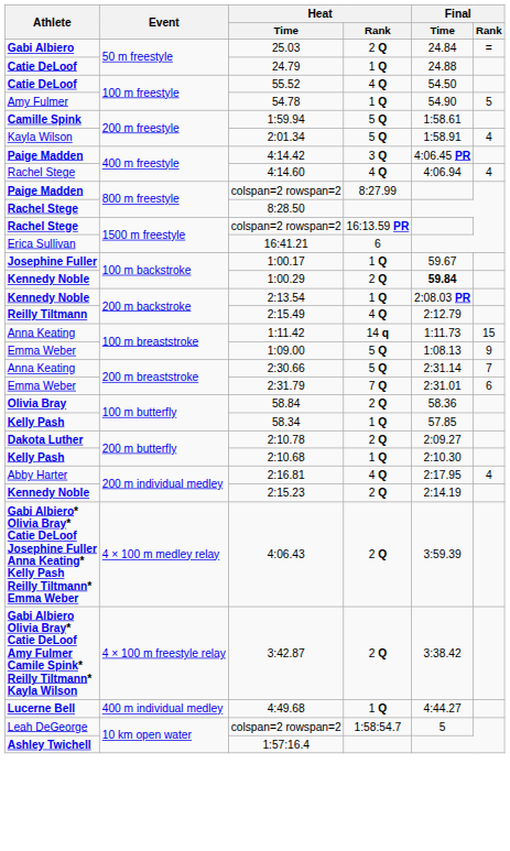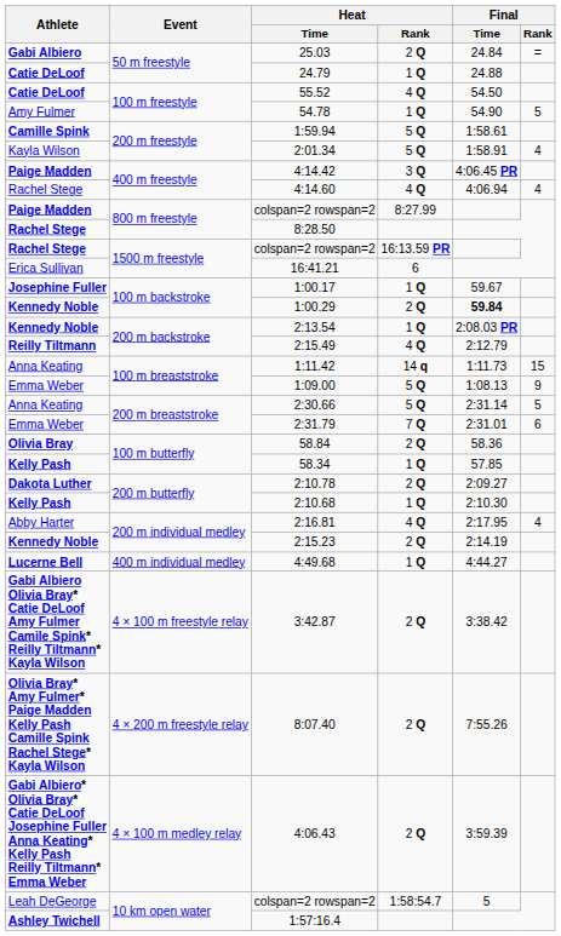 <table class=wikitable style=font-size:90%;text-align:center>
 <tr>
 <th rowspan=2>Athlete</th>
 <th rowspan=2>Event</th>
 <th colspan=2>Heat</th>
 <th colspan=2>Final</th>
 </tr>
 <tr style=font-size:95%>
 <th>Time</th>
 <th>Rank</th>
 <th>Time</th>
 <th>Rank</th>
 </tr>
 <tr>
 <td align=left><strong><a href='#'>Gabi Albiero</a></strong></td>
 <td align=left rowspan=2><a href='#'>50 m freestyle</a></td>
 <td>25.03</td>
 <td>2 <strong>Q</strong></td>
 <td>24.84</td>
 <td>=</td>
 </tr>
 <tr>
 <td align=left><strong><a href='#'>Catie DeLoof</a></strong></td>
 <td>24.79</td>
 <td>1 <strong>Q</strong></td>
 <td>24.88</td>
 <td></td>
 </tr>
 <tr>
 <td align=left><strong><a href='#'>Catie DeLoof</a></strong></td>
 <td align=left rowspan=2><a href='#'>100 m freestyle</a></td>
 <td>55.52</td>
 <td>4 <strong>Q</strong></td>
 <td>54.50</td>
 <td></td>
 </tr>
 <tr>
 <td align=left><a href='#'>Amy Fulmer</a></td>
 <td>54.78</td>
 <td>1 <strong>Q</strong></td>
 <td>54.90</td>
 <td>5</td>
 </tr>
 <tr>
 <td align=left><strong><a href='#'>Camille Spink</a></strong></td>
 <td align=left rowspan=2><a href='#'>200 m freestyle</a></td>
 <td>1:59.94</td>
 <td>5 <strong>Q</strong></td>
 <td>1:58.61</td>
 <td></td>
 </tr>
 <tr>
 <td align=left><a href='#'>Kayla Wilson</a></td>
 <td>2:01.34</td>
 <td>5 <strong>Q</strong></td>
 <td>1:58.91</td>
 <td>4</td>
 </tr>
 <tr>
 <td align=left><strong><a href='#'>Paige Madden</a></strong></td>
 <td align=left rowspan=2><a href='#'>400 m freestyle</a></td>
 <td>4:14.42</td>
 <td>3 <strong>Q</strong></td>
 <td>4:06.45 <strong><a href='#'>PR</a></strong></td>
 <td></td>
 </tr>
 <tr>
 <td align=left><a href='#'>Rachel Stege</a></td>
 <td>4:14.60</td>
 <td>4 <strong>Q</strong></td>
 <td>4:06.94</td>
 <td>4</td>
 </tr>
 <tr>
 <td align=left><strong><a href='#'>Paige Madden</a></strong></td>
 <td align=left rowspan=2><a href='#'>800 m freestyle</a></td>
 <td>colspan=2 rowspan=2 </td>
 <td>8:27.99</td>
 <td></td>
 </tr>
 <tr>
 <td align=left><strong><a href='#'>Rachel Stege</a></strong></td>
 <td>8:28.50</td>
 <td></td>
 </tr>
 <tr>
 <td align=left><strong><a href='#'>Rachel Stege</a></strong></td>
 <td align=left rowspan=2><a href='#'>1500 m freestyle</a></td>
 <td>colspan=2 rowspan=2 </td>
 <td>16:13.59 <strong><a href='#'>PR</a></strong></td>
 <td></td>
 </tr>
 <tr>
 <td align=left><a href='#'>Erica Sullivan</a></td>
 <td>16:41.21</td>
 <td>6</td>
 </tr>
 <tr>
 <td align=left><strong><a href='#'>Josephine Fuller</a></strong></td>
 <td align=left rowspan=2><a href='#'>100 m backstroke</a></td>
 <td>1:00.17</td>
 <td>1 <strong>Q</strong></td>
 <td>59.67</td>
 <td></td>
 </tr>
 <tr>
 <td align=left><strong><a href='#'>Kennedy Noble</a></strong></td>
 <td>1:00.29</td>
 <td>2 <strong>Q</strong></td>
 <td><strong>59.84</strong></td>
 <td></td>
 </tr>
 <tr>
 <td align=left><strong><a href='#'>Kennedy Noble</a></strong></td>
 <td align=left rowspan=2><a href='#'>200 m backstroke</a></td>
 <td>2:13.54</td>
 <td>1 <strong>Q</strong></td>
 <td>2:08.03 <strong><a href='#'>PR</a></strong></td>
 <td></td>
 </tr>
 <tr>
 <td align=left><strong><a href='#'>Reilly Tiltmann</a></strong></td>
 <td>2:15.49</td>
 <td>4 <strong>Q</strong></td>
 <td>2:12.79</td>
 <td></td>
 </tr>
 <tr>
 <td align=left><a href='#'>Anna Keating</a></td>
 <td align=left rowspan=2><a href='#'>100 m breaststroke</a></td>
 <td>1:11.42</td>
 <td>14 <strong>q</strong></td>
 <td>1:11.73</td>
 <td>15</td>
 </tr>
 <tr>
 <td align=left><a href='#'>Emma Weber</a></td>
 <td>1:09.00</td>
 <td>5 <strong>Q</strong></td>
 <td>1:08.13</td>
 <td>9</td>
 </tr>
 <tr>
 <td align=left><a href='#'>Anna Keating</a></td>
 <td align=left rowspan=2><a href='#'>200 m breaststroke</a></td>
 <td>2:30.66</td>
 <td>5 <strong>Q</strong></td>
 <td>2:31.14</td>
-<td>7</td>
+<td>5</td>
 </tr>
 <tr>
 <td align=left><a href='#'>Emma Weber</a></td>
 <td>2:31.79</td>
 <td>7 <strong>Q</strong></td>
 <td>2:31.01</td>
 <td>6</td>
 </tr>
 <tr>
 <td align=left><strong><a href='#'>Olivia Bray</a></strong></td>
 <td align=left rowspan=2><a href='#'>100 m butterfly</a></td>
 <td>58.84</td>
 <td>2 <strong>Q</strong></td>
 <td>58.36</td>
 <td></td>
 </tr>
 <tr>
 <td align=left><strong><a href='#'>Kelly Pash</a></strong></td>
 <td>58.34</td>
 <td>1 <strong>Q</strong></td>
 <td>57.85</td>
 <td></td>
 </tr>
 <tr>
 <td align=left><strong><a href='#'>Dakota Luther</a></strong></td>
 <td align=left rowspan=2><a href='#'>200 m butterfly</a></td>
 <td>2:10.78</td>
 <td>2 <strong>Q</strong></td>
 <td>2:09.27</td>
 <td></td>
 </tr>
 <tr>
 <td align=left><strong><a href='#'>Kelly Pash</a></strong></td>
 <td>2:10.68</td>
 <td>1 <strong>Q</strong></td>
 <td>2:10.30</td>
 <td></td>
 </tr>
 <tr>
 <td align=left><a href='#'>Abby Harter</a></td>
 <td align=left rowspan=2><a href='#'>200 m individual medley</a></td>
 <td>2:16.81</td>
 <td>4 <strong>Q</strong></td>
 <td>2:17.95</td>
 <td>4</td>
 </tr>
 <tr>
 <td align=left><strong><a href='#'>Kennedy Noble</a></strong></td>
 <td>2:15.23</td>
 <td>2 <strong>Q</strong></td>
 <td>2:14.19</td>
 <td></td>
 </tr>
 <tr>
-<td align=left><strong><a href='#'>Gabi Albiero</a>*<br><a href='#'>Olivia Bray</a>*<br><a href='#'>Catie DeLoof</a><br><a href='#'>Josephine Fuller</a><br><a href='#'>Anna Keating</a>*<br><a href='#'>Kelly Pash</a><br><a href='#'>Reilly Tiltmann</a>*<br><a href='#'>Emma Weber</a></strong></td>
-<td align=left><a href='#'>4 × 100 m medley relay</a></td>
-<td>4:06.43</td>
-<td>2 <strong>Q</strong></td>
-<td>3:59.39</td>
+<td align=left><strong><a href='#'>Lucerne Bell</a></strong></td>
+<td align=left><a href='#'>400 m individual medley</a></td>
+<td>4:49.68</td>
+<td>1 <strong>Q</strong></td>
+<td>4:44.27</td>
 <td></td>
 </tr>
 <tr>
 <td align=left><strong><a href='#'>Gabi Albiero</a><br><a href='#'>Olivia Bray</a>*<br><a href='#'>Catie DeLoof</a><br><a href='#'>Amy Fulmer</a><br><a href='#'>Camile Spink</a>*<br><a href='#'>Reilly Tiltmann</a>*<br><a href='#'>Kayla Wilson</a></strong></td>
 <td align=left><a href='#'>4 × 100 m freestyle relay</a></td>
 <td>3:42.87</td>
 <td>2 <strong>Q</strong></td>
 <td>3:38.42</td>
 <td></td>
 </tr>
 <tr>
-<td align=left><strong><a href='#'>Lucerne Bell</a></strong></td>
-<td align=left><a href='#'>400 m individual medley</a></td>
-<td>4:49.68</td>
-<td>1 <strong>Q</strong></td>
-<td>4:44.27</td>
+<td align=left><strong><a href='#'>Olivia Bray</a>*<br><a href='#'>Amy Fulmer</a>*<br><a href='#'>Paige Madden</a><br><a href='#'>Kelly Pash</a><br><a href='#'>Camille Spink</a><br><a href='#'>Rachel Stege</a>*<br><a href='#'>Kayla Wilson</a></strong></td>
+<td align=left><a href='#'>4 × 200 m freestyle relay</a></td>
+<td>8:07.40</td>
+<td>2 <strong>Q</strong></td>
+<td>7:55.26</td>
+<td></td>
+</tr>
+<tr>
+<td align=left><strong><a href='#'>Gabi Albiero</a>*<br><a href='#'>Olivia Bray</a>*<br><a href='#'>Catie DeLoof</a><br><a href='#'>Josephine Fuller</a><br><a href='#'>Anna Keating</a>*<br><a href='#'>Kelly Pash</a><br><a href='#'>Reilly Tiltmann</a>*<br><a href='#'>Emma Weber</a></strong></td>
+<td align=left><a href='#'>4 × 100 m medley relay</a></td>
+<td>4:06.43</td>
+<td>2 <strong>Q</strong></td>
+<td>3:59.39</td>
 <td></td>
 </tr>
 <tr>
 <td align=left><a href='#'>Leah DeGeorge</a></td>
 <td align=left rowspan=2><a href='#'>10 km open water</a></td>
 <td>colspan=2 rowspan=2 </td>
 <td>1:58:54.7</td>
 <td>5</td>
 </tr>
 <tr>
 <td align=left><strong><a href='#'>Ashley Twichell</a></strong></td>
 <td>1:57:16.4</td>
 <td></td>
 </tr>
 </table>
